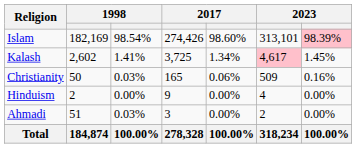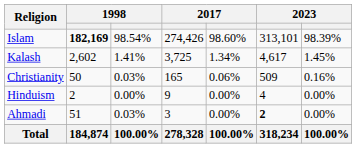 <table class="wikitable">
 <tr>
 <th rowspan="2">Religion</th>
 <th colspan="2">1998</th>
 <th colspan="2">2017</th>
 <th colspan="2">2023</th>
 </tr>
 <tr>
 <th></th>
 <th></th>
 <th></th>
 <th></th>
 <th></th>
 <th></th>
 </tr>
 <tr>
 <td><a href='#'>Islam</a> </td>
-<td>182,169</td>
+<td><strong>182,169</strong></td>
 <td>98.54%</td>
 <td>274,426</td>
 <td>98.60%</td>
 <td>313,101</td>
-<td style="background: pink;">98.39%</td>
+<td>98.39%</td>
 </tr>
 <tr>
 <td><a href='#'>Kalash</a></td>
 <td>2,602</td>
 <td>1.41%</td>
 <td>3,725</td>
 <td>1.34%</td>
-<td style="background: pink;">4,617</td>
+<td>4,617</td>
 <td>1.45%</td>
 </tr>
 <tr>
 <td><a href='#'>Christianity</a> </td>
 <td>50</td>
 <td>0.03%</td>
 <td>165</td>
 <td>0.06%</td>
 <td>509</td>
 <td>0.16%</td>
 </tr>
 <tr>
 <td><a href='#'>Hinduism</a> </td>
 <td>2</td>
 <td>0.00%</td>
 <td>9</td>
 <td>0.00%</td>
 <td>4</td>
 <td>0.00%</td>
 </tr>
 <tr>
 <td><a href='#'>Ahmadi</a></td>
 <td>51</td>
 <td>0.03%</td>
 <td>3</td>
 <td>0.00%</td>
-<td>2</td>
+<td><strong>2</strong></td>
 <td>0.00%</td>
 </tr>
 <tr>
 <th>Total</th>
 <th>184,874</th>
 <th>100.00%</th>
 <th>278,328</th>
 <th>100.00%</th>
 <th>318,234</th>
 <th>100.00%</th>
 </tr>
 </table>
